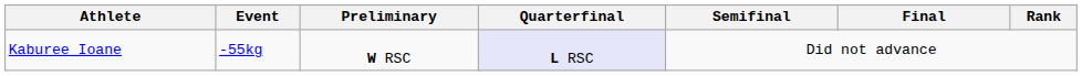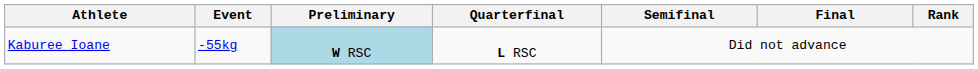 <table class="wikitable" width="98%" style="text-align:left; font-size:90%">
 <tr>
 <th width="11%">Athlete</th>
 <th width="4%">Event</th>
 <th width="9%">Preliminary</th>
 <th width="9%">Quarterfinal</th>
 <th width="9%">Semifinal</th>
 <th width="9%">Final</th>
 <th width="3%">Rank</th>
 </tr>
 <tr>
 <td><a href='#'>Kaburee Ioane</a></td>
 <td><a href='#'>-55kg</a></td>
-<td align=center> <br> <strong>W</strong> RSC</td>
-<td align=center style="background: lavender;"> <br> <strong>L</strong> RSC</td>
+<td align=center style="background: lightblue;"> <br> <strong>W</strong> RSC</td>
+<td align=center> <br> <strong>L</strong> RSC</td>
 <td colspan=3 align=center>Did not advance</td>
 </tr>
 </table>
